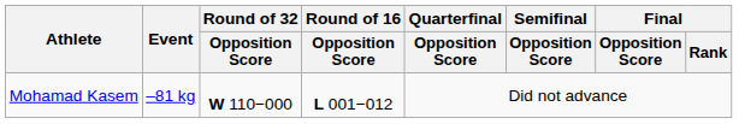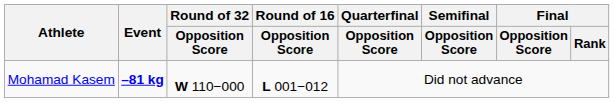 <table class=wikitable style=font-size:90%;text-align:center>
 <tr>
 <th rowspan=2>Athlete</th>
 <th rowspan=2>Event</th>
 <th>Round of 32</th>
 <th>Round of 16</th>
 <th>Quarterfinal</th>
 <th>Semifinal</th>
 <th colspan=2>Final</th>
 </tr>
 <tr style=font-size:95%>
 <th>Opposition<br>Score</th>
 <th>Opposition<br>Score</th>
 <th>Opposition<br>Score</th>
 <th>Opposition<br>Score</th>
 <th>Opposition<br>Score</th>
 <th>Rank</th>
 </tr>
 <tr>
 <td align=left><a href='#'>Mohamad Kasem</a></td>
-<td align=left><a href='#'>–81 kg</a></td>
+<td align=left><strong><a href='#'>–81 kg</a></strong></td>
 <td><br><strong>W</strong> 110−000</td>
 <td><br><strong>L</strong> 001−012</td>
 <td colspan=4>Did not advance</td>
 </tr>
 </table>
